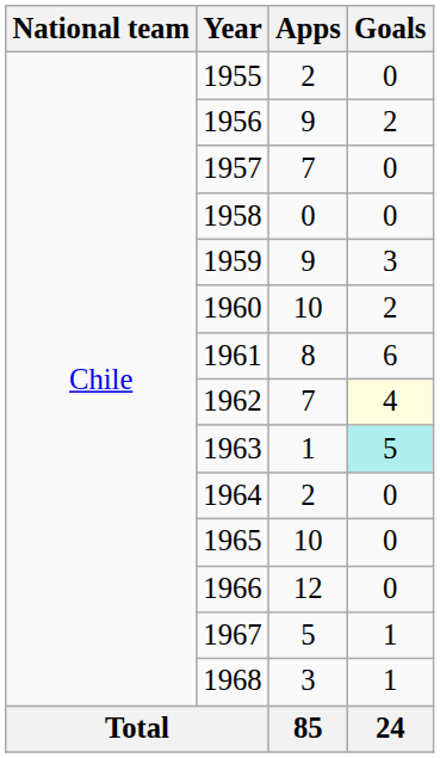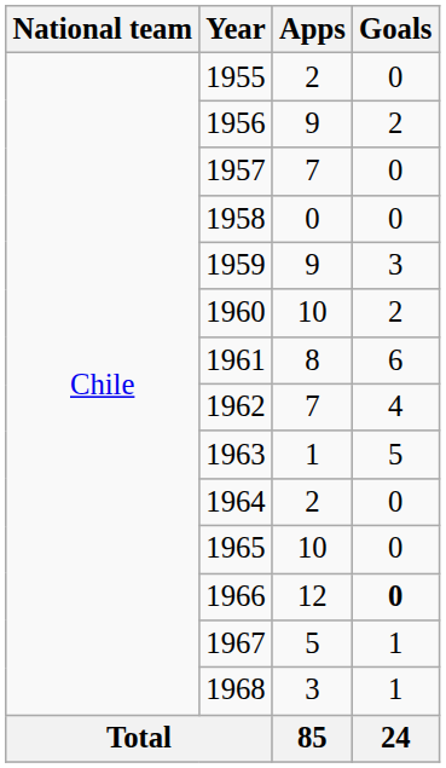 <table class="wikitable" style="text-align:center">
 <tr>
 <th>National team</th>
 <th>Year</th>
 <th>Apps</th>
 <th>Goals</th>
 </tr>
 <tr>
 <td rowspan="14"><a href='#'>Chile</a></td>
 <td>1955</td>
 <td>2</td>
 <td>0</td>
 </tr>
 <tr>
 <td>1956</td>
 <td>9</td>
 <td>2</td>
 </tr>
 <tr>
 <td>1957</td>
 <td>7</td>
 <td>0</td>
 </tr>
 <tr>
 <td>1958</td>
 <td>0</td>
 <td>0</td>
 </tr>
 <tr>
 <td>1959</td>
 <td>9</td>
 <td>3</td>
 </tr>
 <tr>
 <td>1960</td>
 <td>10</td>
 <td>2</td>
 </tr>
 <tr>
 <td>1961</td>
 <td>8</td>
 <td>6</td>
 </tr>
 <tr>
 <td>1962</td>
 <td>7</td>
-<td style="background: lightyellow;">4</td>
+<td>4</td>
 </tr>
 <tr>
 <td>1963</td>
 <td>1</td>
-<td style="background: paleturquoise;">5</td>
+<td>5</td>
 </tr>
 <tr>
 <td>1964</td>
 <td>2</td>
 <td>0</td>
 </tr>
 <tr>
 <td>1965</td>
 <td>10</td>
 <td>0</td>
 </tr>
 <tr>
 <td>1966</td>
 <td>12</td>
-<td>0</td>
+<td><strong>0</strong></td>
 </tr>
 <tr>
 <td>1967</td>
 <td>5</td>
 <td>1</td>
 </tr>
 <tr>
 <td>1968</td>
 <td>3</td>
 <td>1</td>
 </tr>
 <tr>
 <th colspan="2">Total</th>
 <th>85</th>
 <th>24</th>
 </tr>
 </table>
